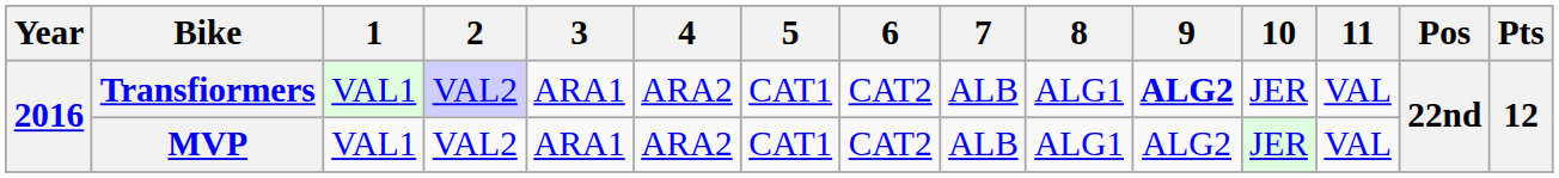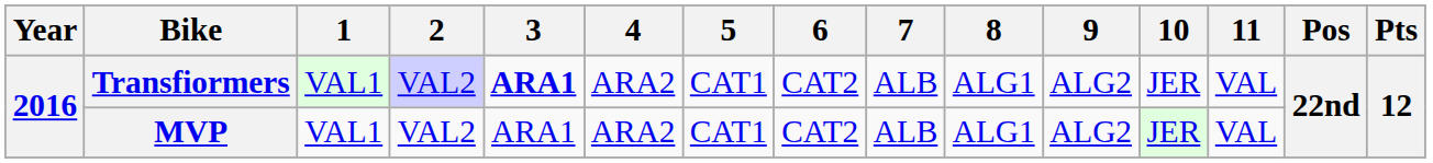 <table class="wikitable" style="text-align:center">
 <tr>
 <th>Year</th>
 <th>Bike</th>
 <th>1</th>
 <th>2</th>
 <th>3</th>
 <th>4</th>
 <th>5</th>
 <th>6</th>
 <th>7</th>
 <th>8</th>
 <th>9</th>
 <th>10</th>
 <th>11</th>
 <th>Pos</th>
 <th>Pts</th>
 </tr>
 <tr>
 <th rowspan=2><a href='#'>2016</a></th>
 <th><a href='#'>Transfiormers</a></th>
 <td style="background:#dfffdf;"><a href='#'>VAL1</a><br></td>
 <td style="background:#cfcfff;"><a href='#'>VAL2</a><br></td>
-<td style="background:#;"><a href='#'>ARA1</a><br></td>
+<td style="background:#;"><strong><a href='#'>ARA1</a><br></strong></td>
 <td style="background:#;"><a href='#'>ARA2</a><br></td>
 <td style="background:#;"><a href='#'>CAT1</a><br></td>
 <td style="background:#;"><a href='#'>CAT2</a><br></td>
 <td style="background:#;"><a href='#'>ALB</a><br></td>
 <td style="background:#;"><a href='#'>ALG1</a><br></td>
-<td style="background:#;"><strong><a href='#'>ALG2</a><br></strong></td>
+<td style="background:#;"><a href='#'>ALG2</a><br></td>
 <td style="background:#;"><a href='#'>JER</a><br></td>
 <td style="background:#;"><a href='#'>VAL</a><br></td>
 <th rowspan=2 style="background:#;">22nd</th>
 <th rowspan=2 style="background:#;">12</th>
 </tr>
 <tr>
 <th><a href='#'>MVP</a></th>
 <td style="background:#;"><a href='#'>VAL1</a><br></td>
 <td style="background:#;"><a href='#'>VAL2</a><br></td>
 <td style="background:#;"><a href='#'>ARA1</a><br></td>
 <td style="background:#;"><a href='#'>ARA2</a><br></td>
 <td style="background:#;"><a href='#'>CAT1</a><br></td>
 <td style="background:#;"><a href='#'>CAT2</a><br></td>
 <td style="background:#;"><a href='#'>ALB</a><br></td>
 <td style="background:#;"><a href='#'>ALG1</a><br></td>
 <td style="background:#;"><a href='#'>ALG2</a><br></td>
 <td style="background:#DFFFDF;"><a href='#'>JER</a><br></td>
 <td style="background:#;"><a href='#'>VAL</a><br></td>
 </tr>
 </table>
